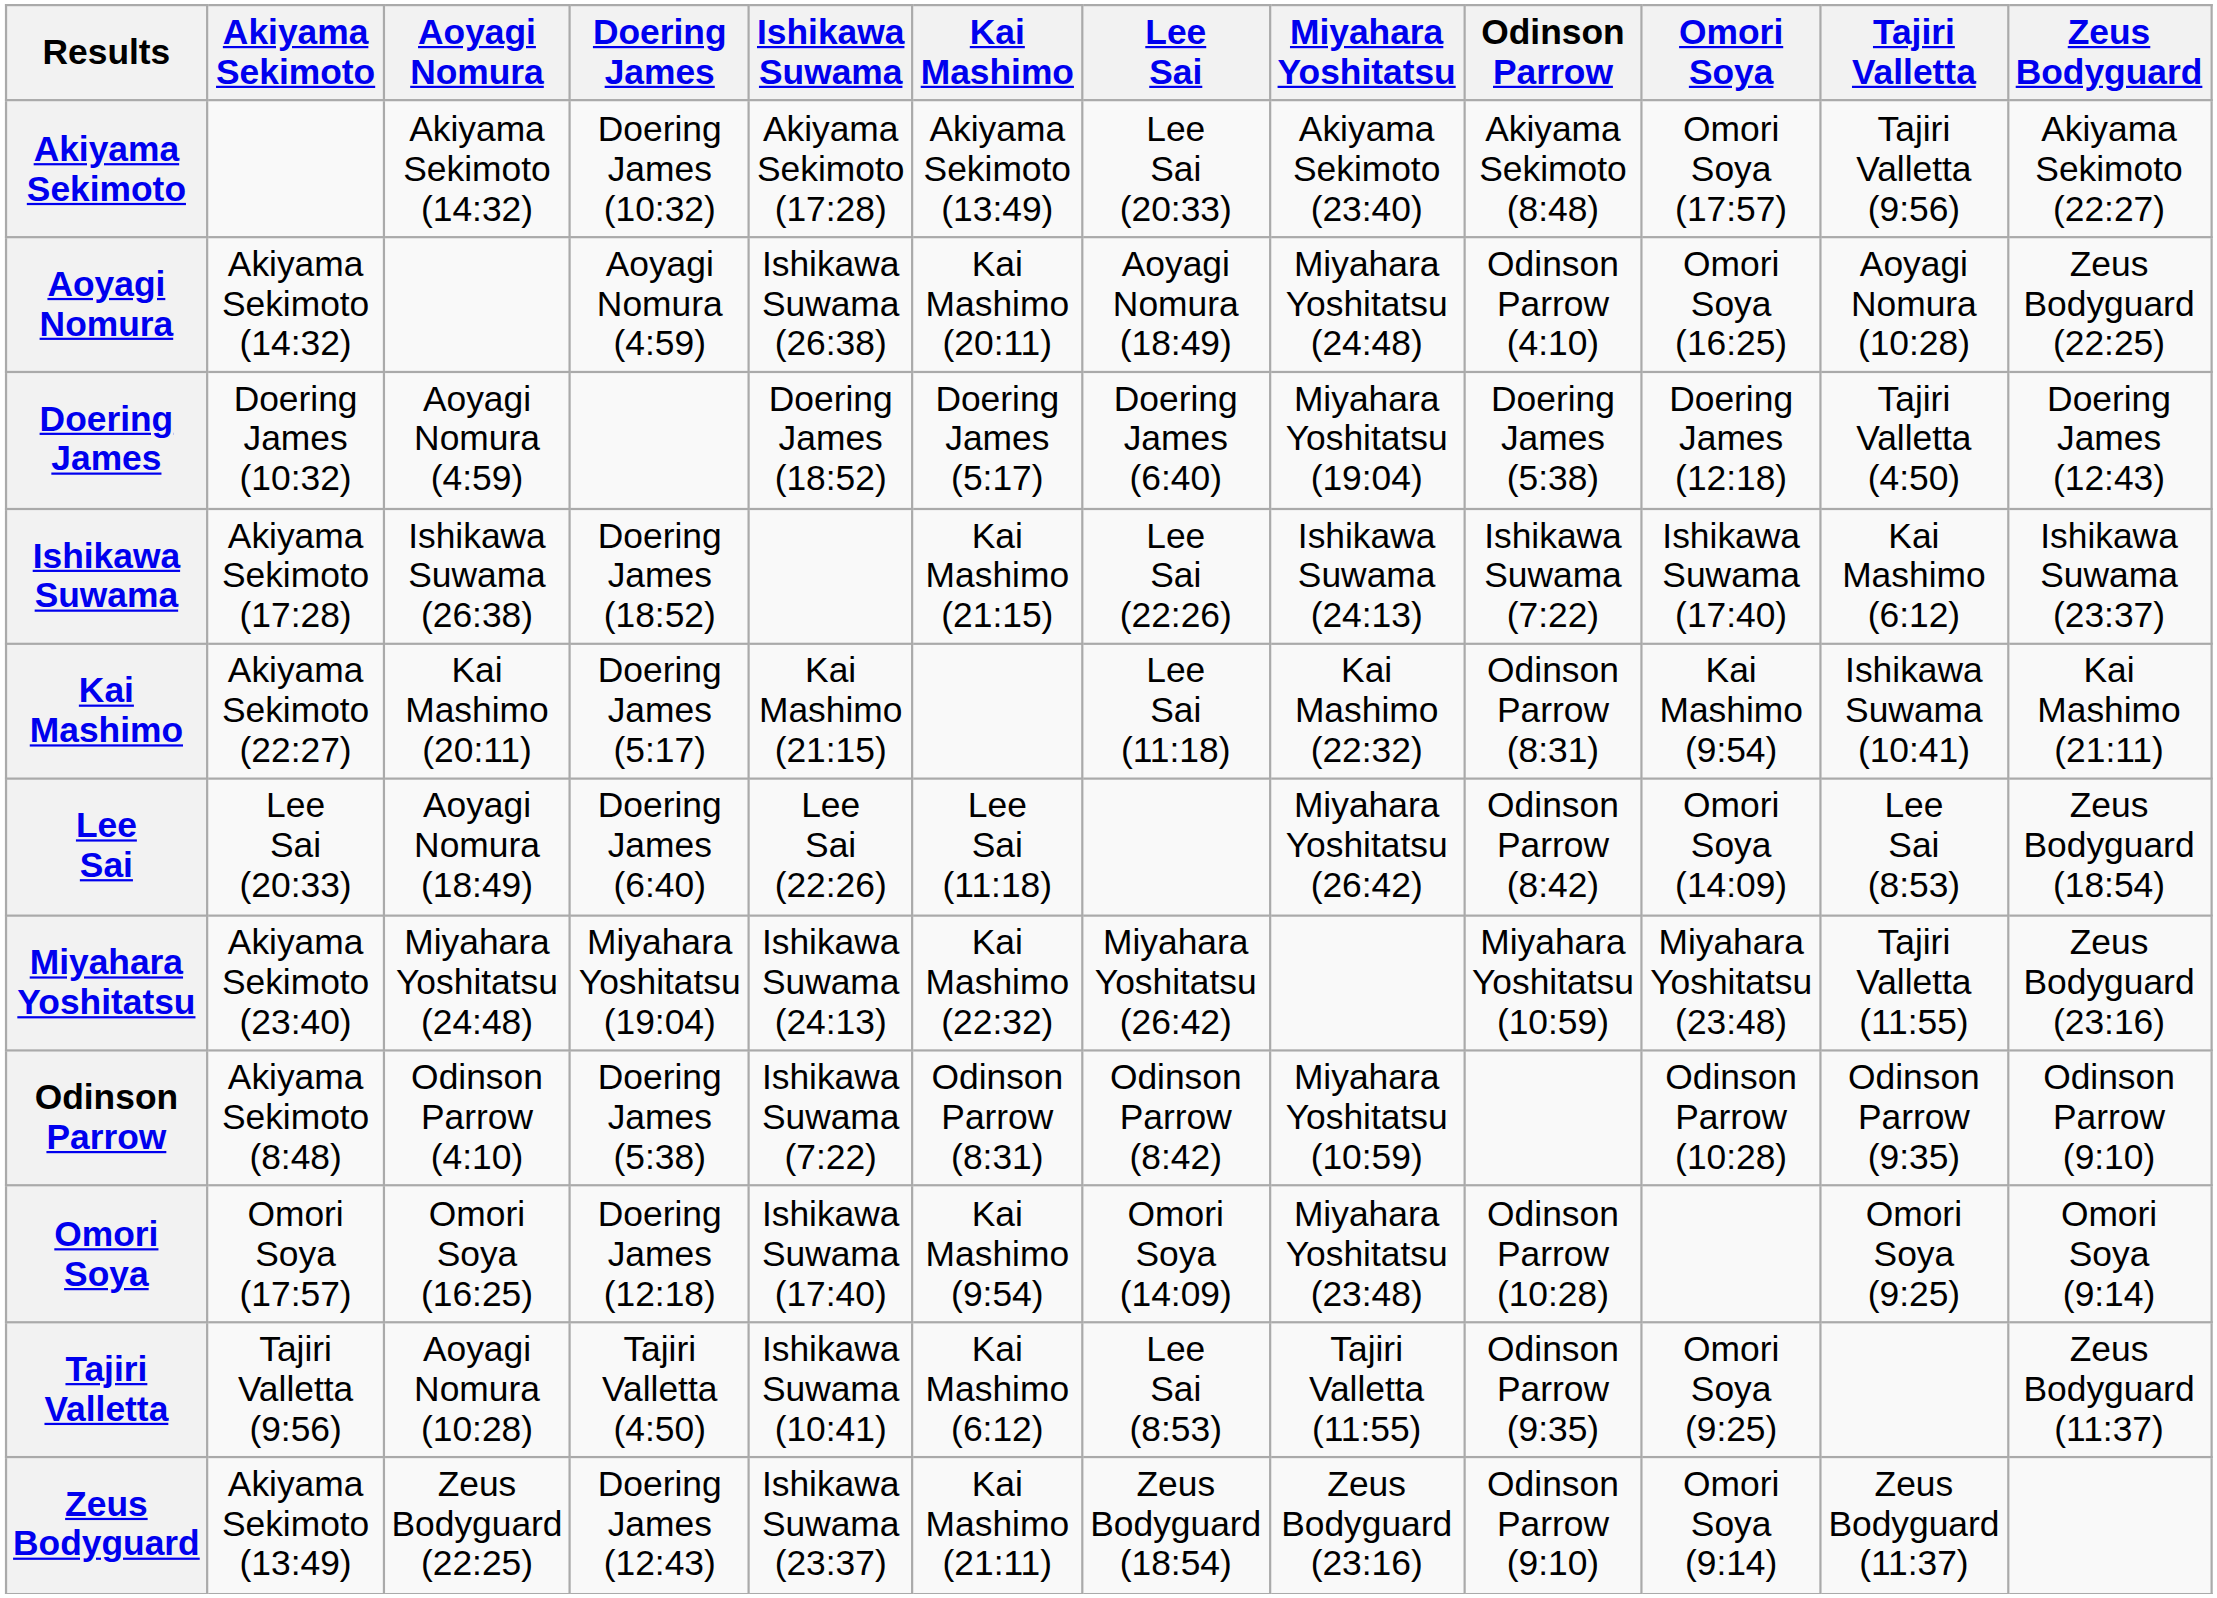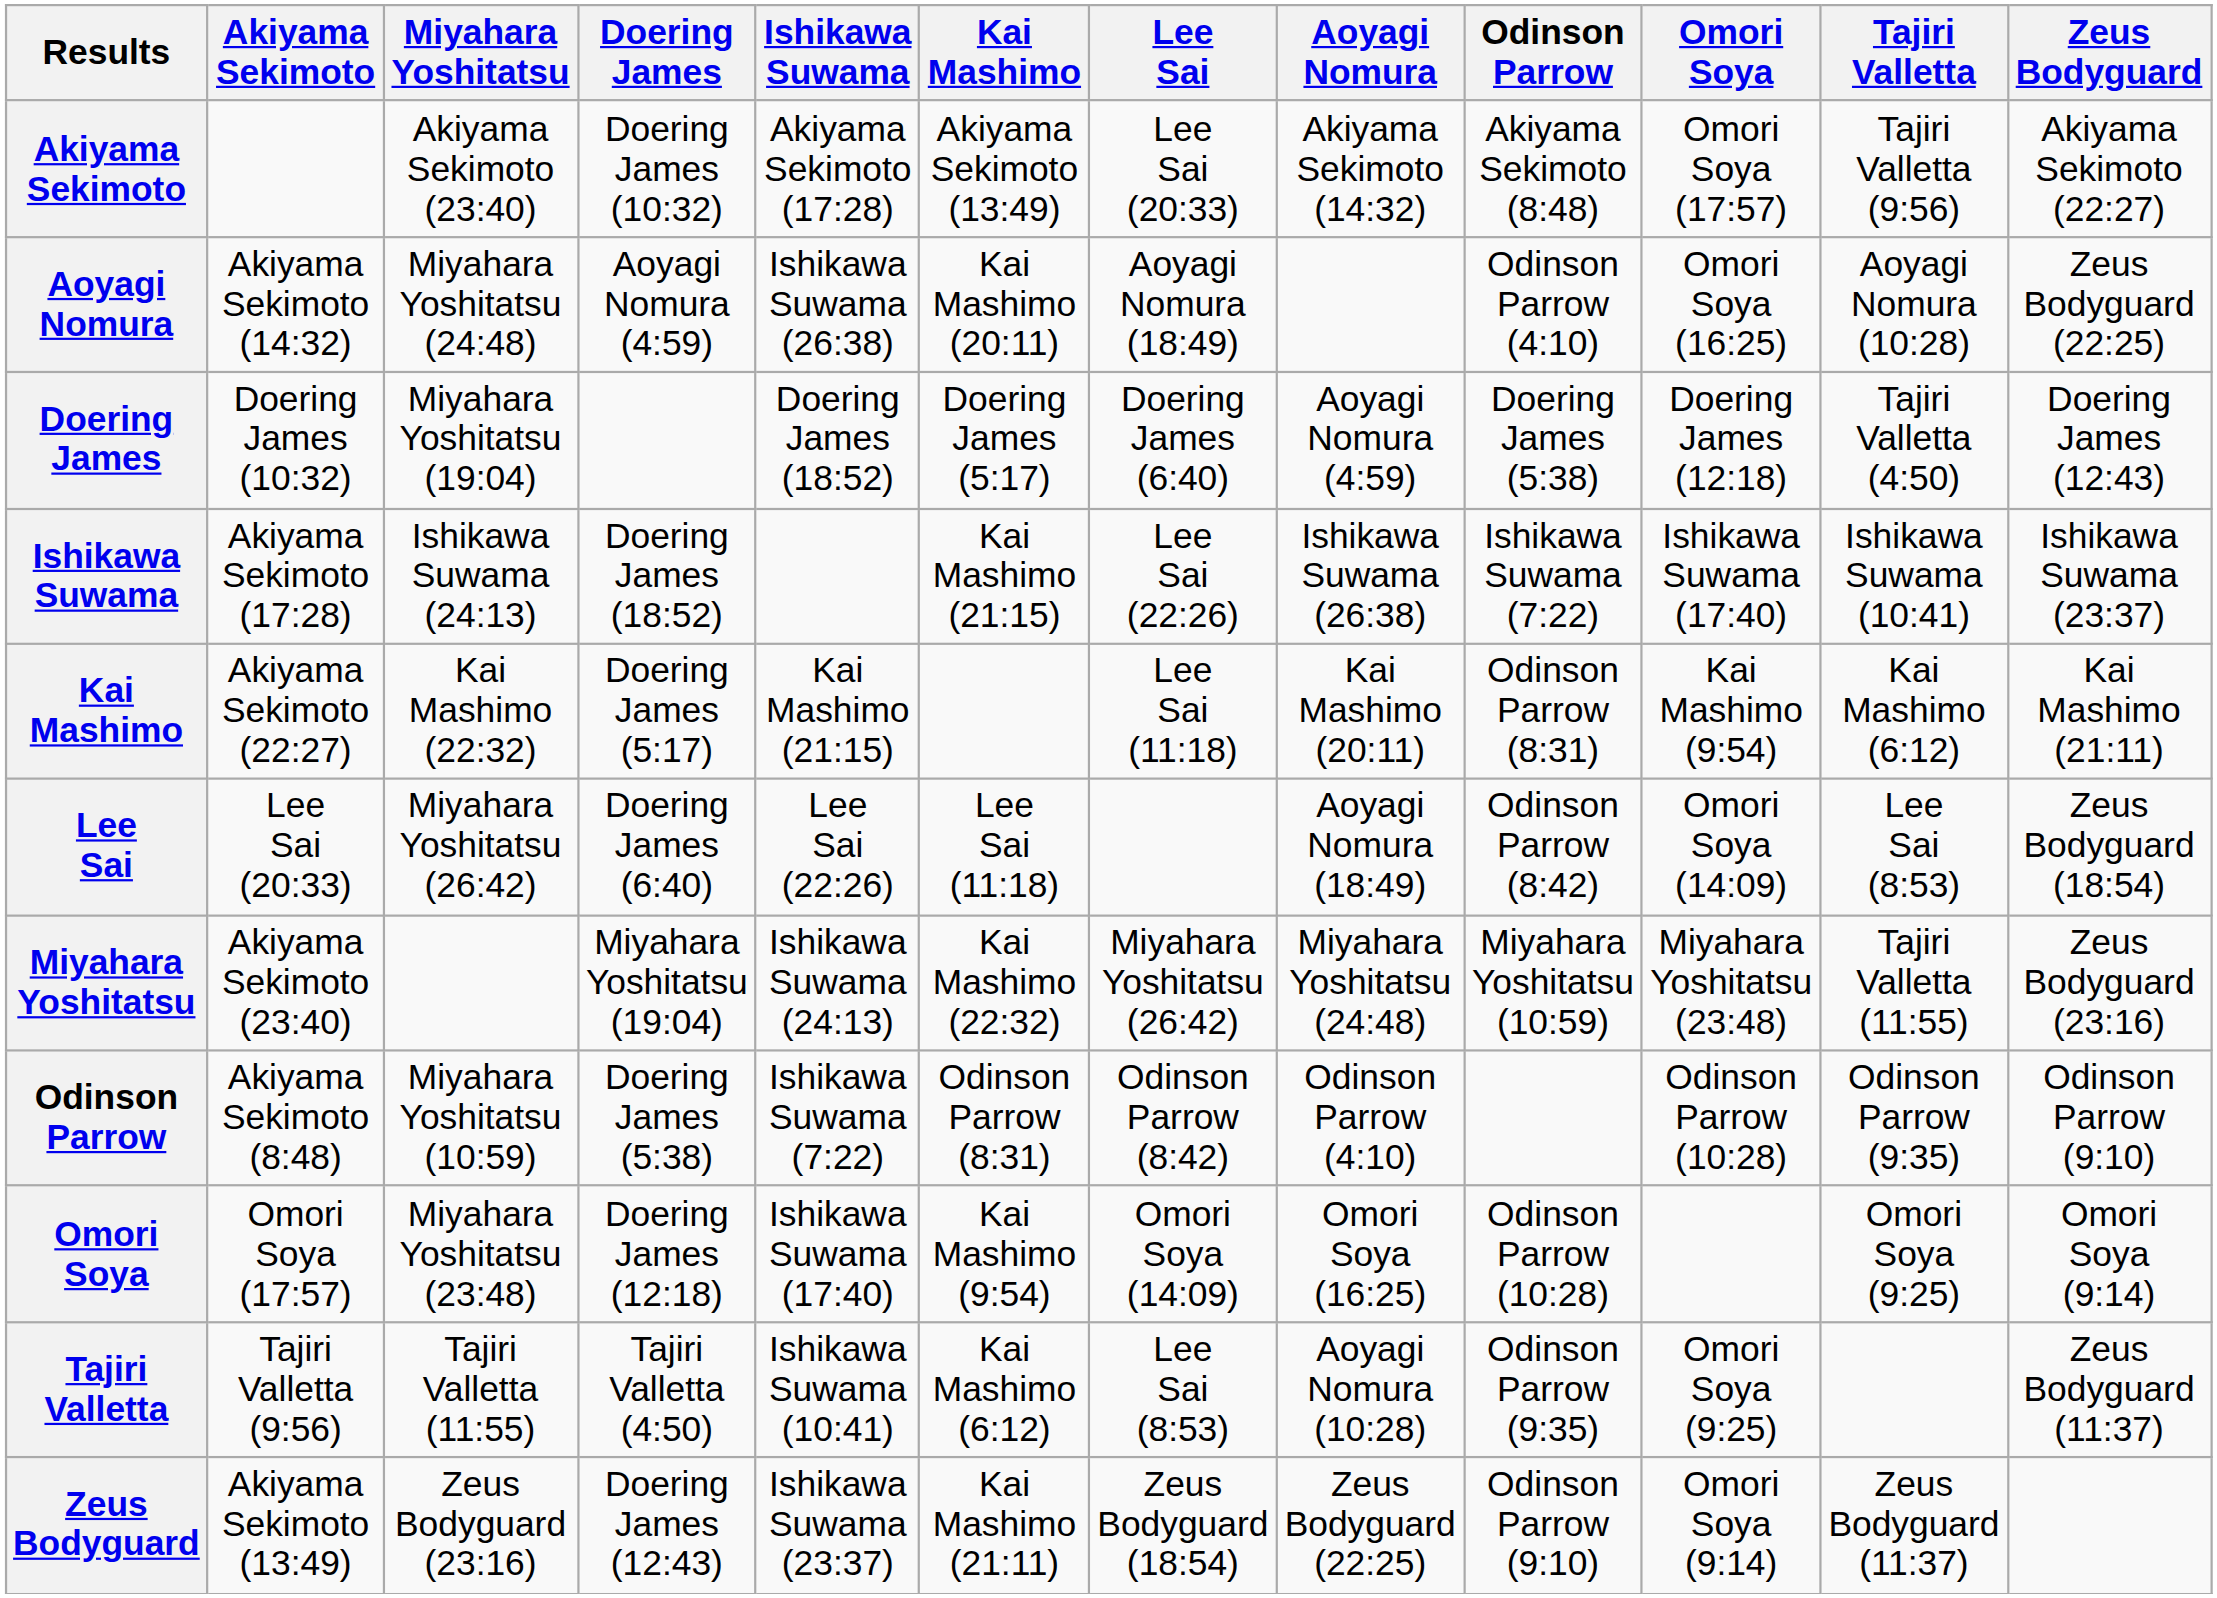 <table class="wikitable" style="text-align:center; margin: 1em auto 1em auto">
 <tr>
 <th>Results</th>
 <th><a href='#'>Akiyama</a><br><a href='#'>Sekimoto</a></th>
-<th><a href='#'>Aoyagi</a><br><a href='#'>Nomura</a></th>
+<th><a href='#'>Miyahara</a><br><a href='#'>Yoshitatsu</a></th>
 <th><a href='#'>Doering</a><br><a href='#'>James</a></th>
 <th><a href='#'>Ishikawa</a><br><a href='#'>Suwama</a></th>
 <th><a href='#'>Kai</a><br><a href='#'>Mashimo</a></th>
 <th><a href='#'>Lee</a><br><a href='#'>Sai</a></th>
-<th><a href='#'>Miyahara</a><br><a href='#'>Yoshitatsu</a></th>
+<th><a href='#'>Aoyagi</a><br><a href='#'>Nomura</a></th>
 <th>Odinson<br><a href='#'>Parrow</a></th>
 <th><a href='#'>Omori</a><br><a href='#'>Soya</a></th>
 <th><a href='#'>Tajiri</a><br><a href='#'>Valletta</a></th>
 <th><a href='#'>Zeus</a><br><a href='#'>Bodyguard</a></th>
 </tr>
 <tr>
 <th><a href='#'>Akiyama</a><br><a href='#'>Sekimoto</a></th>
 <td></td>
-<td>Akiyama<br>Sekimoto<br>(14:32)</td>
+<td>Akiyama<br>Sekimoto<br>(23:40)</td>
 <td>Doering<br>James<br>(10:32)</td>
 <td>Akiyama<br>Sekimoto<br>(17:28)</td>
 <td>Akiyama<br>Sekimoto<br>(13:49)</td>
 <td>Lee<br>Sai<br>(20:33)</td>
-<td>Akiyama<br>Sekimoto<br>(23:40)</td>
+<td>Akiyama<br>Sekimoto<br>(14:32)</td>
 <td>Akiyama<br>Sekimoto<br>(8:48)</td>
 <td>Omori<br>Soya<br>(17:57)</td>
 <td>Tajiri<br>Valletta<br>(9:56)</td>
 <td>Akiyama<br>Sekimoto<br>(22:27)</td>
 </tr>
 <tr>
 <th><a href='#'>Aoyagi</a><br><a href='#'>Nomura</a></th>
 <td>Akiyama<br>Sekimoto<br>(14:32)</td>
-<td></td>
+<td>Miyahara<br>Yoshitatsu<br>(24:48)</td>
 <td>Aoyagi<br>Nomura<br>(4:59)</td>
 <td>Ishikawa<br>Suwama<br>(26:38)</td>
 <td>Kai<br>Mashimo<br>(20:11)</td>
 <td>Aoyagi<br>Nomura<br>(18:49)</td>
-<td>Miyahara<br>Yoshitatsu<br>(24:48)</td>
+<td></td>
 <td>Odinson<br>Parrow<br>(4:10)</td>
 <td>Omori<br>Soya<br>(16:25)</td>
 <td>Aoyagi<br>Nomura<br>(10:28)</td>
 <td>Zeus<br>Bodyguard<br>(22:25)</td>
 </tr>
 <tr>
 <th><a href='#'>Doering</a><br><a href='#'>James</a></th>
 <td>Doering<br>James<br>(10:32)</td>
-<td>Aoyagi<br>Nomura<br>(4:59)</td>
+<td>Miyahara<br>Yoshitatsu<br>(19:04)</td>
 <td></td>
 <td>Doering<br>James<br>(18:52)</td>
 <td>Doering<br>James<br>(5:17)</td>
 <td>Doering<br>James<br>(6:40)</td>
-<td>Miyahara<br>Yoshitatsu<br>(19:04)</td>
+<td>Aoyagi<br>Nomura<br>(4:59)</td>
 <td>Doering<br>James<br>(5:38)</td>
 <td>Doering<br>James<br>(12:18)</td>
 <td>Tajiri<br>Valletta<br>(4:50)</td>
 <td>Doering<br>James<br>(12:43)</td>
 </tr>
 <tr>
 <th><a href='#'>Ishikawa</a><br><a href='#'>Suwama</a></th>
 <td>Akiyama<br>Sekimoto<br>(17:28)</td>
-<td>Ishikawa<br>Suwama<br>(26:38)</td>
+<td>Ishikawa<br>Suwama<br>(24:13)</td>
 <td>Doering<br>James<br>(18:52)</td>
 <td></td>
 <td>Kai<br>Mashimo<br>(21:15)</td>
 <td>Lee<br>Sai<br>(22:26)</td>
-<td>Ishikawa<br>Suwama<br>(24:13)</td>
+<td>Ishikawa<br>Suwama<br>(26:38)</td>
 <td>Ishikawa<br>Suwama<br>(7:22)</td>
 <td>Ishikawa<br>Suwama<br>(17:40)</td>
-<td>Kai<br>Mashimo<br>(6:12)</td>
+<td>Ishikawa<br>Suwama<br>(10:41)</td>
 <td>Ishikawa<br>Suwama<br>(23:37)</td>
 </tr>
 <tr>
 <th><a href='#'>Kai</a><br><a href='#'>Mashimo</a></th>
 <td>Akiyama<br>Sekimoto<br>(22:27)</td>
-<td>Kai<br>Mashimo<br>(20:11)</td>
+<td>Kai<br>Mashimo<br>(22:32)</td>
 <td>Doering<br>James<br>(5:17)</td>
 <td>Kai<br>Mashimo<br>(21:15)</td>
 <td></td>
 <td>Lee<br>Sai<br>(11:18)</td>
-<td>Kai<br>Mashimo<br>(22:32)</td>
+<td>Kai<br>Mashimo<br>(20:11)</td>
 <td>Odinson<br>Parrow<br>(8:31)</td>
 <td>Kai<br>Mashimo<br>(9:54)</td>
-<td>Ishikawa<br>Suwama<br>(10:41)</td>
+<td>Kai<br>Mashimo<br>(6:12)</td>
 <td>Kai<br>Mashimo<br>(21:11)</td>
 </tr>
 <tr>
 <th><a href='#'>Lee</a><br><a href='#'>Sai</a></th>
 <td>Lee<br>Sai<br>(20:33)</td>
-<td>Aoyagi<br>Nomura<br>(18:49)</td>
+<td>Miyahara<br>Yoshitatsu<br>(26:42)</td>
 <td>Doering<br>James<br>(6:40)</td>
 <td>Lee<br>Sai<br>(22:26)</td>
 <td>Lee<br>Sai<br>(11:18)</td>
 <td></td>
-<td>Miyahara<br>Yoshitatsu<br>(26:42)</td>
+<td>Aoyagi<br>Nomura<br>(18:49)</td>
 <td>Odinson<br>Parrow<br>(8:42)</td>
 <td>Omori<br>Soya<br>(14:09)</td>
 <td>Lee<br>Sai<br>(8:53)</td>
 <td>Zeus<br>Bodyguard<br>(18:54)</td>
 </tr>
 <tr>
 <th><a href='#'>Miyahara</a><br><a href='#'>Yoshitatsu</a></th>
 <td>Akiyama<br>Sekimoto<br>(23:40)</td>
-<td>Miyahara<br>Yoshitatsu<br>(24:48)</td>
+<td></td>
 <td>Miyahara<br>Yoshitatsu<br>(19:04)</td>
 <td>Ishikawa<br>Suwama<br>(24:13)</td>
 <td>Kai<br>Mashimo<br>(22:32)</td>
 <td>Miyahara<br>Yoshitatsu<br>(26:42)</td>
-<td></td>
+<td>Miyahara<br>Yoshitatsu<br>(24:48)</td>
 <td>Miyahara<br>Yoshitatsu<br>(10:59)</td>
 <td>Miyahara<br>Yoshitatsu<br>(23:48)</td>
 <td>Tajiri<br>Valletta<br>(11:55)</td>
 <td>Zeus<br>Bodyguard<br>(23:16)</td>
 </tr>
 <tr>
 <th>Odinson<br><a href='#'>Parrow</a></th>
 <td>Akiyama<br>Sekimoto<br>(8:48)</td>
-<td>Odinson<br>Parrow<br>(4:10)</td>
+<td>Miyahara<br>Yoshitatsu<br>(10:59)</td>
 <td>Doering<br>James<br>(5:38)</td>
 <td>Ishikawa<br>Suwama<br>(7:22)</td>
 <td>Odinson<br>Parrow<br>(8:31)</td>
 <td>Odinson<br>Parrow<br>(8:42)</td>
-<td>Miyahara<br>Yoshitatsu<br>(10:59)</td>
+<td>Odinson<br>Parrow<br>(4:10)</td>
 <td></td>
 <td>Odinson<br>Parrow<br>(10:28)</td>
 <td>Odinson<br>Parrow<br>(9:35)</td>
 <td>Odinson<br>Parrow<br>(9:10)</td>
 </tr>
 <tr>
 <th><a href='#'>Omori</a><br><a href='#'>Soya</a></th>
 <td>Omori<br>Soya<br>(17:57)</td>
-<td>Omori<br>Soya<br>(16:25)</td>
+<td>Miyahara<br>Yoshitatsu<br>(23:48)</td>
 <td>Doering<br>James<br>(12:18)</td>
 <td>Ishikawa<br>Suwama<br>(17:40)</td>
 <td>Kai<br>Mashimo<br>(9:54)</td>
 <td>Omori<br>Soya<br>(14:09)</td>
-<td>Miyahara<br>Yoshitatsu<br>(23:48)</td>
+<td>Omori<br>Soya<br>(16:25)</td>
 <td>Odinson<br>Parrow<br>(10:28)</td>
 <td></td>
 <td>Omori<br>Soya<br>(9:25)</td>
 <td>Omori<br>Soya<br>(9:14)</td>
 </tr>
 <tr>
 <th><a href='#'>Tajiri</a><br><a href='#'>Valletta</a></th>
 <td>Tajiri<br>Valletta<br>(9:56)</td>
-<td>Aoyagi<br>Nomura<br>(10:28)</td>
+<td>Tajiri<br>Valletta<br>(11:55)</td>
 <td>Tajiri<br>Valletta<br>(4:50)</td>
 <td>Ishikawa<br>Suwama<br>(10:41)</td>
 <td>Kai<br>Mashimo<br>(6:12)</td>
 <td>Lee<br>Sai<br>(8:53)</td>
-<td>Tajiri<br>Valletta<br>(11:55)</td>
+<td>Aoyagi<br>Nomura<br>(10:28)</td>
 <td>Odinson<br>Parrow<br>(9:35)</td>
 <td>Omori<br>Soya<br>(9:25)</td>
 <td></td>
 <td>Zeus<br>Bodyguard<br>(11:37)</td>
 </tr>
 <tr>
 <th><a href='#'>Zeus</a><br><a href='#'>Bodyguard</a></th>
 <td>Akiyama<br>Sekimoto<br>(13:49)</td>
-<td>Zeus<br>Bodyguard<br>(22:25)</td>
+<td>Zeus<br>Bodyguard<br>(23:16)</td>
 <td>Doering<br>James<br>(12:43)</td>
 <td>Ishikawa<br>Suwama<br>(23:37)</td>
 <td>Kai<br>Mashimo<br>(21:11)</td>
 <td>Zeus<br>Bodyguard<br>(18:54)</td>
-<td>Zeus<br>Bodyguard<br>(23:16)</td>
+<td>Zeus<br>Bodyguard<br>(22:25)</td>
 <td>Odinson<br>Parrow<br>(9:10)</td>
 <td>Omori<br>Soya<br>(9:14)</td>
 <td>Zeus<br>Bodyguard<br>(11:37)</td>
 <td></td>
 </tr>
 </table>
